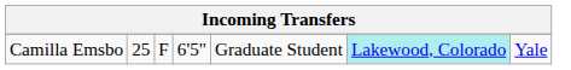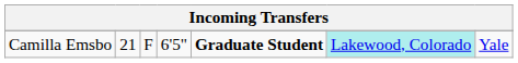 <table class="wikitable sortable" border="1" style="text-align: center;">
 <tr>
 <th colspan=7>Incoming Transfers</th>
 </tr>
 <tr align=center>
 </tr>
 <tr>
 <td>Camilla Emsbo</td>
-<td>25</td>
+<td>21</td>
 <td>F</td>
 <td>6'5"</td>
-<td>Graduate Student</td>
+<td><strong>Graduate Student</strong></td>
 <td style="background: paleturquoise;"><a href='#'>Lakewood, Colorado</a></td>
 <td><a href='#'>Yale</a></td>
 </tr>
 </table>
